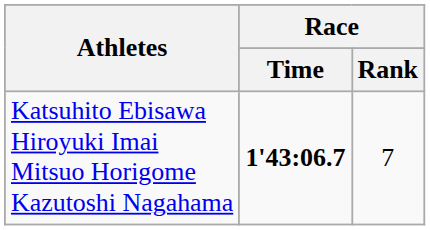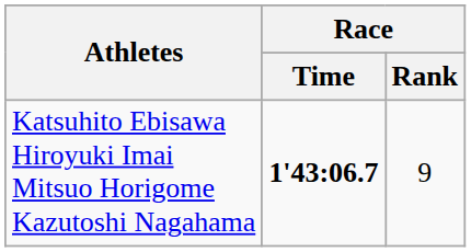 <table class="wikitable" border="1" style="font-size:90%">
 <tr>
 <th rowspan=2>Athletes</th>
 <th colspan=2>Race</th>
 </tr>
 <tr>
 <th>Time</th>
 <th>Rank</th>
 </tr>
 <tr>
 <td><a href='#'>Katsuhito Ebisawa</a><br><a href='#'>Hiroyuki Imai</a><br><a href='#'>Mitsuo Horigome</a><br><a href='#'>Kazutoshi Nagahama</a></td>
 <td align=center><strong>1'43:06.7</strong></td>
-<td align=center>7</td>
+<td align=center>9</td>
 </tr>
 </table>
